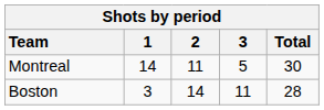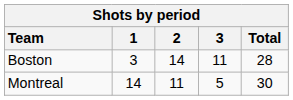 <table class="wikitable" style="width:20em; text-align:right;">
 <tr>
 <th colspan=5>Shots by period</th>
 </tr>
 <tr>
 <th style="width:8em; text-align:left;">Team</th>
 <th style="width:3em;">1</th>
 <th style="width:3em;">2</th>
 <th style="width:3em;">3</th>
 <th style="width:3em;">Total</th>
 </tr>
 <tr>
+<td style="text-align:left;">Boston</td>
+<td align=center>3</td>
+<td align=center>14</td>
+<td align=center>11</td>
+<td align=center>28</td>
+</tr>
+<tr>
 <td style="text-align:left;">Montreal</td>
 <td align=center>14</td>
 <td align=center>11</td>
 <td align=center>5</td>
 <td align=center>30</td>
 </tr>
-<tr>
-<td style="text-align:left;">Boston</td>
-<td align=center>3</td>
-<td align=center>14</td>
-<td align=center>11</td>
-<td align=center>28</td>
-</tr>
 </table>
